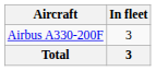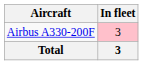 <table class="wikitable" style="margin:1em auto;text-align:center">
 <tr>
 <th>Aircraft</th>
 <th>In fleet</th>
 </tr>
 <tr>
 <td><a href='#'>Airbus A330-200F</a></td>
-<td>3</td>
+<td style="background: pink;">3</td>
 </tr>
 <tr>
 <th>Total</th>
 <th>3</th>
 </tr>
 </table>
